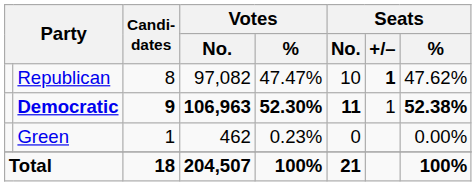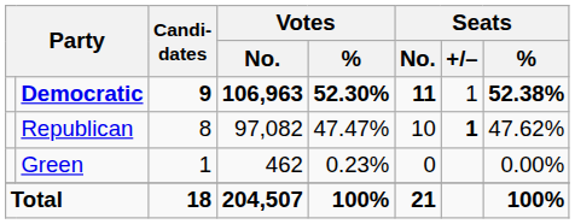 <table class="wikitable" style="font-size:100%; text-align:right;">
 <tr>
 <th colspan=2 rowspan=2>Party</th>
 <th rowspan=2><small>Candi-<br>dates</small></th>
 <th colspan=2>Votes</th>
 <th colspan=3>Seats</th>
 </tr>
 <tr>
 <th>No.</th>
 <th>%</th>
 <th>No.</th>
 <th>+/–</th>
 <th>%</th>
 </tr>
 <tr>
 <td style="background:"></td>
+<td align=left><strong><a href='#'>Democratic</a></strong></td>
+<td><strong>9</strong></td>
+<td><strong>106,963</strong></td>
+<td><strong>52.30%</strong></td>
+<td><strong>11</strong></td>
+<td>1</td>
+<td><strong>52.38%</strong></td>
+</tr>
+<tr>
+<td style="background:"></td>
 <td align=left><a href='#'>Republican</a></td>
 <td>8</td>
 <td>97,082</td>
 <td>47.47%</td>
 <td>10</td>
 <td><strong>1</strong></td>
 <td>47.62%</td>
-</tr>
-<tr>
-<td style="background:"></td>
-<td align=left><strong><a href='#'>Democratic</a></strong></td>
-<td><strong>9</strong></td>
-<td><strong>106,963</strong></td>
-<td><strong>52.30%</strong></td>
-<td><strong>11</strong></td>
-<td>1</td>
-<td><strong>52.38%</strong></td>
 </tr>
 <tr>
 <td style="background:"></td>
 <td align=left><a href='#'>Green</a></td>
 <td>1</td>
 <td>462</td>
 <td>0.23%</td>
 <td>0</td>
 <td></td>
 <td>0.00%</td>
 </tr>
 <tr>
 </tr>
 <tr style="font-weight:bold">
 <td colspan=2 align=left>Total</td>
 <td>18</td>
 <td>204,507</td>
 <td>100%</td>
 <td>21</td>
 <td></td>
 <td>100%</td>
 </tr>
 </table>
